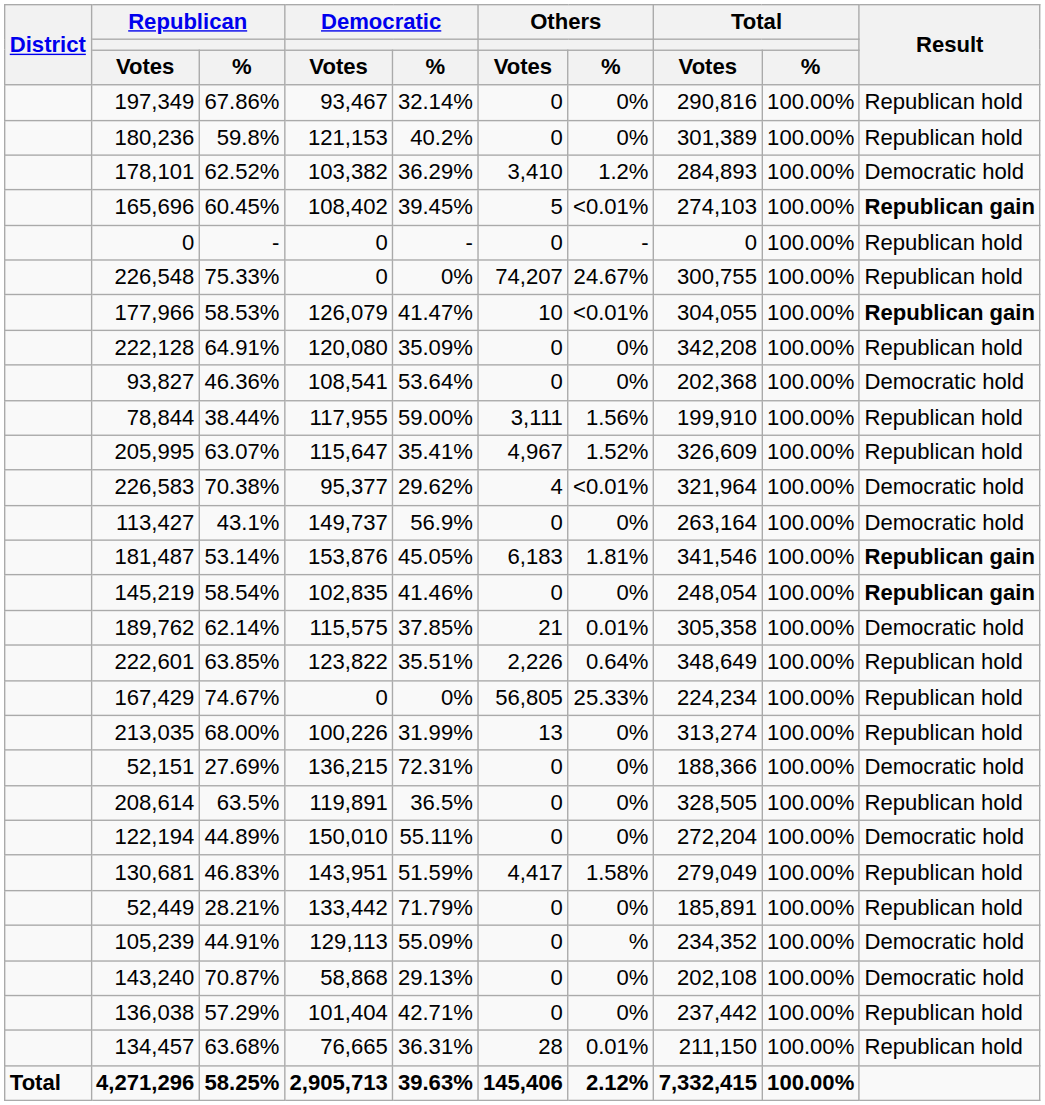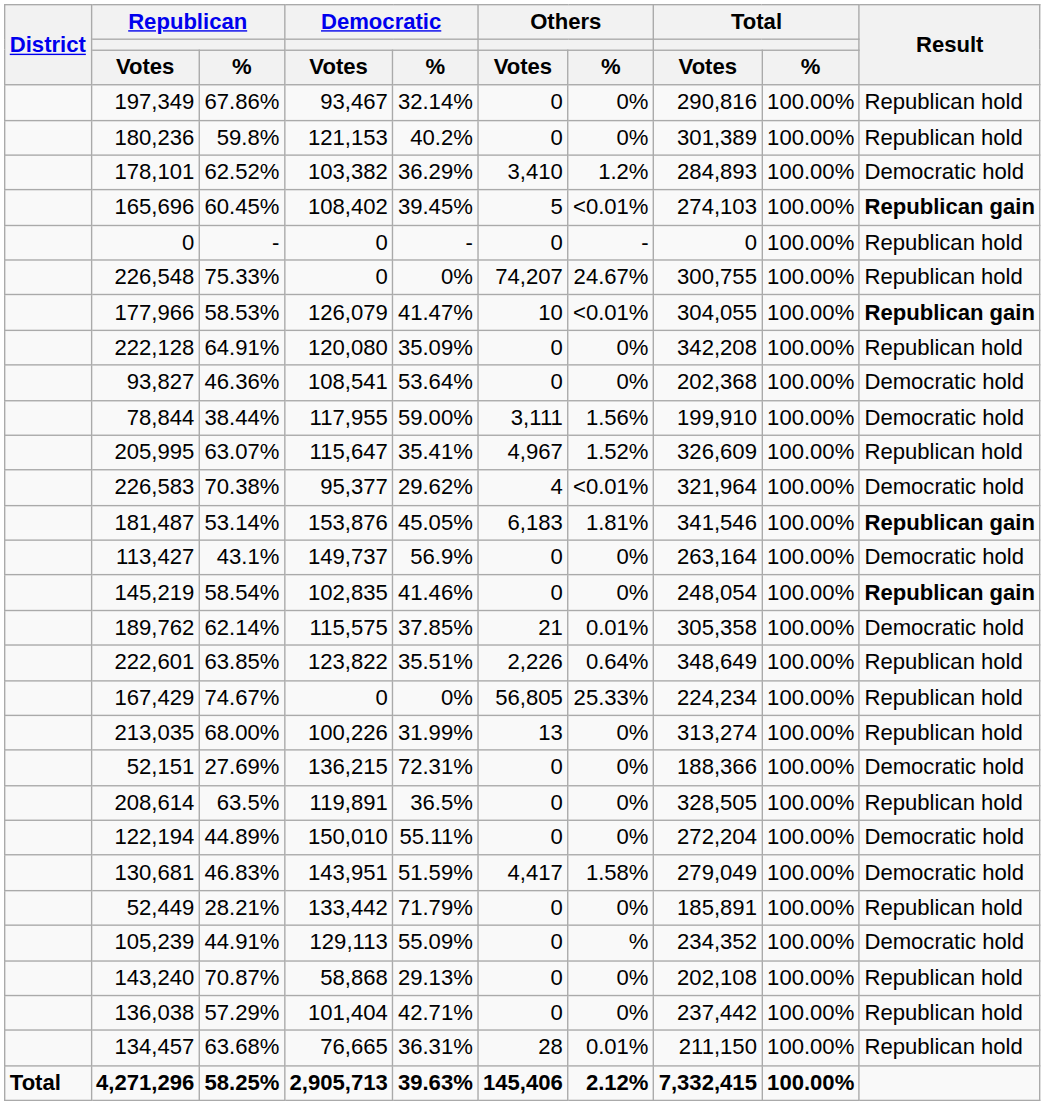 <table class="wikitable plainrowheaders sortable" style="font-size:100%; text-align:right;">
 <tr>
 <th scope=col rowspan=3><a href='#'>District</a></th>
 <th scope=col colspan=2><a href='#'>Republican</a></th>
 <th scope=col colspan=2><a href='#'>Democratic</a></th>
 <th scope=col colspan=2>Others</th>
 <th scope=col colspan=2>Total</th>
 <th scope=col rowspan=3>Result</th>
 </tr>
 <tr>
 <th scope=col colspan=2 style="background:"></th>
 <th scope=col colspan=2 style="background:"></th>
 <th scope=col colspan=2></th>
 <th scope=col colspan=2></th>
 </tr>
 <tr>
 <th scope=col data-sort-type="number">Votes</th>
 <th scope=col data-sort-type="number">%</th>
 <th scope=col data-sort-type="number">Votes</th>
 <th scope=col data-sort-type="number">%</th>
 <th scope=col data-sort-type="number">Votes</th>
 <th scope=col data-sort-type="number">%</th>
 <th scope=col data-sort-type="number">Votes</th>
 <th scope=col data-sort-type="number">%</th>
 </tr>
 <tr>
 <td align=left></td>
 <td>197,349</td>
 <td>67.86%</td>
 <td>93,467</td>
 <td>32.14%</td>
 <td>0</td>
 <td>0%</td>
 <td>290,816</td>
 <td>100.00%</td>
 <td align=left>Republican hold</td>
 </tr>
 <tr>
 <td align=left></td>
 <td>180,236</td>
 <td>59.8%</td>
 <td>121,153</td>
 <td>40.2%</td>
 <td>0</td>
 <td>0%</td>
 <td>301,389</td>
 <td>100.00%</td>
 <td align=left>Republican hold</td>
 </tr>
 <tr>
 <td align=left></td>
 <td>178,101</td>
 <td>62.52%</td>
 <td>103,382</td>
 <td>36.29%</td>
 <td>3,410</td>
 <td>1.2%</td>
 <td>284,893</td>
 <td>100.00%</td>
 <td align=left>Democratic hold</td>
 </tr>
 <tr>
 <td align=left></td>
 <td>165,696</td>
 <td>60.45%</td>
 <td>108,402</td>
 <td>39.45%</td>
 <td>5</td>
 <td><0.01%</td>
 <td>274,103</td>
 <td>100.00%</td>
 <td align=left><strong>Republican gain</strong></td>
 </tr>
 <tr>
 <td align=left></td>
 <td>0</td>
 <td>-</td>
 <td>0</td>
 <td>-</td>
 <td>0</td>
 <td>-</td>
 <td>0</td>
 <td>100.00%</td>
 <td align=left>Republican hold</td>
 </tr>
 <tr>
 <td align=left></td>
 <td>226,548</td>
 <td>75.33%</td>
 <td>0</td>
 <td>0%</td>
 <td>74,207</td>
 <td>24.67%</td>
 <td>300,755</td>
 <td>100.00%</td>
 <td align=left>Republican hold</td>
 </tr>
 <tr>
 <td align=left></td>
 <td>177,966</td>
 <td>58.53%</td>
 <td>126,079</td>
 <td>41.47%</td>
 <td>10</td>
 <td><0.01%</td>
 <td>304,055</td>
 <td>100.00%</td>
 <td align=left><strong>Republican gain</strong></td>
 </tr>
 <tr>
 <td align=left></td>
 <td>222,128</td>
 <td>64.91%</td>
 <td>120,080</td>
 <td>35.09%</td>
 <td>0</td>
 <td>0%</td>
 <td>342,208</td>
 <td>100.00%</td>
 <td align=left>Republican hold</td>
 </tr>
 <tr>
 <td align=left></td>
 <td>93,827</td>
 <td>46.36%</td>
 <td>108,541</td>
 <td>53.64%</td>
 <td>0</td>
 <td>0%</td>
 <td>202,368</td>
 <td>100.00%</td>
 <td align=left>Democratic hold</td>
 </tr>
 <tr>
 <td align=left></td>
 <td>78,844</td>
 <td>38.44%</td>
 <td>117,955</td>
 <td>59.00%</td>
 <td>3,111</td>
 <td>1.56%</td>
 <td>199,910</td>
 <td>100.00%</td>
-<td align=left>Republican hold</td>
+<td align=left>Democratic hold</td>
 </tr>
 <tr>
 <td align=left></td>
 <td>205,995</td>
 <td>63.07%</td>
 <td>115,647</td>
 <td>35.41%</td>
 <td>4,967</td>
 <td>1.52%</td>
 <td>326,609</td>
 <td>100.00%</td>
 <td align=left>Republican hold</td>
 </tr>
 <tr>
 <td align=left></td>
 <td>226,583</td>
 <td>70.38%</td>
 <td>95,377</td>
 <td>29.62%</td>
 <td>4</td>
 <td><0.01%</td>
 <td>321,964</td>
 <td>100.00%</td>
 <td align=left>Democratic hold</td>
 </tr>
 <tr>
 <td align=left></td>
+<td>181,487</td>
+<td>53.14%</td>
+<td>153,876</td>
+<td>45.05%</td>
+<td>6,183</td>
+<td>1.81%</td>
+<td>341,546</td>
+<td>100.00%</td>
+<td align=left><strong>Republican gain</strong></td>
+</tr>
+<tr>
+<td align=left></td>
 <td>113,427</td>
 <td>43.1%</td>
 <td>149,737</td>
 <td>56.9%</td>
 <td>0</td>
 <td>0%</td>
 <td>263,164</td>
 <td>100.00%</td>
 <td align=left>Democratic hold</td>
-</tr>
-<tr>
-<td align=left></td>
-<td>181,487</td>
-<td>53.14%</td>
-<td>153,876</td>
-<td>45.05%</td>
-<td>6,183</td>
-<td>1.81%</td>
-<td>341,546</td>
-<td>100.00%</td>
-<td align=left><strong>Republican gain</strong></td>
 </tr>
 <tr>
 <td align=left></td>
 <td>145,219</td>
 <td>58.54%</td>
 <td>102,835</td>
 <td>41.46%</td>
 <td>0</td>
 <td>0%</td>
 <td>248,054</td>
 <td>100.00%</td>
 <td align=left><strong>Republican gain</strong></td>
 </tr>
 <tr>
 <td align=left></td>
 <td>189,762</td>
 <td>62.14%</td>
 <td>115,575</td>
 <td>37.85%</td>
 <td>21</td>
 <td>0.01%</td>
 <td>305,358</td>
 <td>100.00%</td>
 <td align=left>Democratic hold</td>
 </tr>
 <tr>
 <td align=left></td>
 <td>222,601</td>
 <td>63.85%</td>
 <td>123,822</td>
 <td>35.51%</td>
 <td>2,226</td>
 <td>0.64%</td>
 <td>348,649</td>
 <td>100.00%</td>
 <td align=left>Republican hold</td>
 </tr>
 <tr>
 <td align=left></td>
 <td>167,429</td>
 <td>74.67%</td>
 <td>0</td>
 <td>0%</td>
 <td>56,805</td>
 <td>25.33%</td>
 <td>224,234</td>
 <td>100.00%</td>
 <td align=left>Republican hold</td>
 </tr>
 <tr>
 <td align=left></td>
 <td>213,035</td>
 <td>68.00%</td>
 <td>100,226</td>
 <td>31.99%</td>
 <td>13</td>
 <td>0%</td>
 <td>313,274</td>
 <td>100.00%</td>
 <td align=left>Republican hold</td>
 </tr>
 <tr>
 <td align=left></td>
 <td>52,151</td>
 <td>27.69%</td>
 <td>136,215</td>
 <td>72.31%</td>
 <td>0</td>
 <td>0%</td>
 <td>188,366</td>
 <td>100.00%</td>
 <td align=left>Democratic hold</td>
 </tr>
 <tr>
 <td align=left></td>
 <td>208,614</td>
 <td>63.5%</td>
 <td>119,891</td>
 <td>36.5%</td>
 <td>0</td>
 <td>0%</td>
 <td>328,505</td>
 <td>100.00%</td>
 <td align=left>Republican hold</td>
 </tr>
 <tr>
 <td align=left></td>
 <td>122,194</td>
 <td>44.89%</td>
 <td>150,010</td>
 <td>55.11%</td>
 <td>0</td>
 <td>0%</td>
 <td>272,204</td>
 <td>100.00%</td>
 <td align=left>Democratic hold</td>
 </tr>
 <tr>
 <td align=left></td>
 <td>130,681</td>
 <td>46.83%</td>
 <td>143,951</td>
 <td>51.59%</td>
 <td>4,417</td>
 <td>1.58%</td>
 <td>279,049</td>
 <td>100.00%</td>
-<td align=left>Republican hold</td>
+<td align=left>Democratic hold</td>
 </tr>
 <tr>
 <td align=left></td>
 <td>52,449</td>
 <td>28.21%</td>
 <td>133,442</td>
 <td>71.79%</td>
 <td>0</td>
 <td>0%</td>
 <td>185,891</td>
 <td>100.00%</td>
 <td align=left>Republican hold</td>
 </tr>
 <tr>
 <td align=left></td>
 <td>105,239</td>
 <td>44.91%</td>
 <td>129,113</td>
 <td>55.09%</td>
 <td>0</td>
 <td>%</td>
 <td>234,352</td>
 <td>100.00%</td>
 <td align=left>Democratic hold</td>
 </tr>
 <tr>
 <td align=left></td>
 <td>143,240</td>
 <td>70.87%</td>
 <td>58,868</td>
 <td>29.13%</td>
 <td>0</td>
 <td>0%</td>
 <td>202,108</td>
 <td>100.00%</td>
-<td align=left>Democratic hold</td>
+<td align=left>Republican hold</td>
 </tr>
 <tr>
 <td align=left></td>
 <td>136,038</td>
 <td>57.29%</td>
 <td>101,404</td>
 <td>42.71%</td>
 <td>0</td>
 <td>0%</td>
 <td>237,442</td>
 <td>100.00%</td>
 <td align=left>Republican hold</td>
 </tr>
 <tr>
 <td align=left></td>
 <td>134,457</td>
 <td>63.68%</td>
 <td>76,665</td>
 <td>36.31%</td>
 <td>28</td>
 <td>0.01%</td>
 <td>211,150</td>
 <td>100.00%</td>
 <td align=left>Republican hold</td>
 </tr>
 <tr class="sortbottom" style="font-weight:bold">
 <td align=left>Total</td>
 <td>4,271,296</td>
 <td>58.25%</td>
 <td>2,905,713</td>
 <td>39.63%</td>
 <td>145,406</td>
 <td>2.12%</td>
 <td>7,332,415</td>
 <td>100.00%</td>
 <td></td>
 </tr>
 </table>
